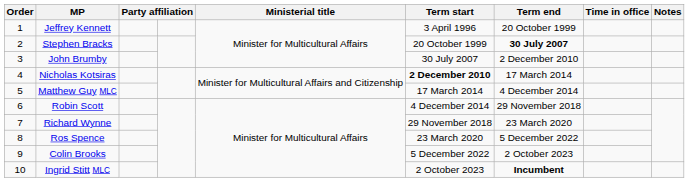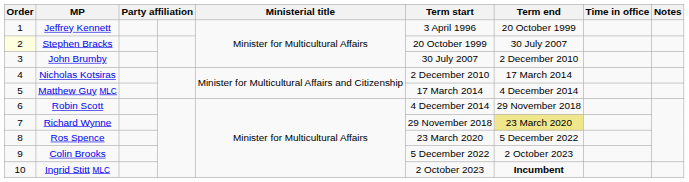 <table class="wikitable" style="text-align:center">
 <tr>
 <th>Order</th>
 <th>MP</th>
 <th colspan="2">Party affiliation</th>
 <th>Ministerial title</th>
 <th>Term start</th>
 <th>Term end</th>
 <th>Time in office</th>
 <th>Notes</th>
 </tr>
 <tr>
 <td>1</td>
 <td><a href='#'>Jeffrey Kennett</a> </td>
 <td></td>
 <td></td>
 <td rowspan="3">Minister for Multicultural Affairs</td>
 <td>3 April 1996</td>
 <td>20 October 1999</td>
 <td></td>
 <td></td>
 </tr>
 <tr>
-<td>2</td>
+<td style="background: lightyellow;">2</td>
 <td><a href='#'>Stephen Bracks</a> </td>
 <td></td>
 <td rowspan="2"></td>
 <td>20 October 1999</td>
-<td><strong>30 July 2007</strong></td>
+<td>30 July 2007</td>
 <td></td>
 <td></td>
 </tr>
 <tr>
 <td>3</td>
 <td><a href='#'>John Brumby</a> </td>
 <td></td>
 <td>30 July 2007</td>
 <td>2 December 2010</td>
 <td></td>
 <td></td>
 </tr>
 <tr>
 <td>4</td>
 <td><a href='#'>Nicholas Kotsiras</a> </td>
 <td></td>
 <td rowspan="2"></td>
 <td rowspan="2">Minister for Multicultural Affairs and Citizenship</td>
-<td><strong>2 December 2010</strong></td>
+<td>2 December 2010</td>
 <td>17 March 2014</td>
 <td></td>
 <td></td>
 </tr>
 <tr>
 <td>5</td>
 <td><a href='#'>Matthew Guy</a> <a href='#'><small>MLC</small></a></td>
 <td></td>
 <td>17 March 2014</td>
 <td>4 December 2014</td>
 <td></td>
 <td></td>
 </tr>
 <tr>
 <td>6</td>
 <td><a href='#'>Robin Scott</a> </td>
 <td></td>
 <td rowspan="5"></td>
 <td rowspan="5">Minister for Multicultural Affairs</td>
 <td>4 December 2014</td>
 <td>29 November 2018</td>
 <td></td>
 <td rowspan="4"></td>
 </tr>
 <tr>
 <td>7</td>
 <td><a href='#'>Richard Wynne</a> </td>
 <td></td>
 <td>29 November 2018</td>
-<td>23 March 2020</td>
+<td style="background: khaki;">23 March 2020</td>
 <td></td>
 </tr>
 <tr>
 <td>8</td>
 <td><a href='#'>Ros Spence</a> </td>
 <td></td>
 <td>23 March 2020</td>
 <td>5 December 2022</td>
 <td></td>
 </tr>
 <tr>
 <td>9</td>
 <td><a href='#'>Colin Brooks</a> </td>
 <td></td>
 <td>5 December 2022</td>
 <td>2 October 2023</td>
 <td></td>
 </tr>
 <tr>
 <td>10</td>
 <td><a href='#'>Ingrid Stitt</a> <a href='#'><small>MLC</small></a></td>
 <td></td>
 <td>2 October 2023</td>
 <td><strong>Incumbent</strong></td>
 <td></td>
 <td></td>
 </tr>
 </table>
